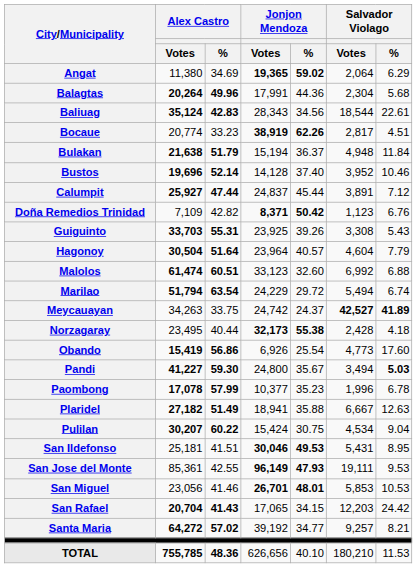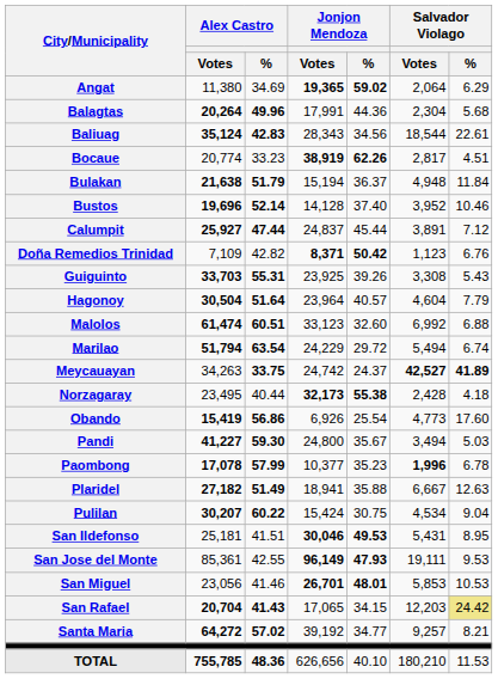 <table class="wikitable collapsible collapsed" style="text-align:right; font-size:95%; line-height:20px;">
 <tr>
 <th rowspan="3" width="200"><a href='#'>City</a>/<a href='#'>Municipality</a></th>
 <th colspan="2" width="110"><a href='#'>Alex Castro</a></th>
 <th colspan="2" width="110"><a href='#'>Jonjon Mendoza</a></th>
 <th colspan="2" width="110">Salvador Violago</th>
 </tr>
 <tr>
 <th colspan="2" style="background:"></th>
 <th colspan="2" style="background:"></th>
 <th colspan="2" style="background:"></th>
 </tr>
 <tr>
 <th>Votes</th>
 <th>%</th>
 <th>Votes</th>
 <th>%</th>
 <th>Votes</th>
 <th>%</th>
 </tr>
 <tr>
 <th scope="row"><a href='#'>Angat</a></th>
 <td>11,380</td>
 <td>34.69</td>
 <td style="background:"><strong>19,365</strong></td>
 <td style="background:"><strong>59.02</strong></td>
 <td>2,064</td>
 <td>6.29</td>
 </tr>
 <tr>
 <th scope="row"><a href='#'>Balagtas</a></th>
 <td style="background:"><strong>20,264</strong></td>
 <td style="background:"><strong>49.96</strong></td>
 <td>17,991</td>
 <td>44.36</td>
 <td>2,304</td>
 <td>5.68</td>
 </tr>
 <tr>
 <th scope="row"><a href='#'>Baliuag</a></th>
 <td style="background:"><strong>35,124</strong></td>
 <td style="background:"><strong>42.83</strong></td>
 <td>28,343</td>
 <td>34.56</td>
 <td>18,544</td>
 <td>22.61</td>
 </tr>
 <tr>
 <th scope="row"><a href='#'>Bocaue</a></th>
 <td>20,774</td>
 <td>33.23</td>
 <td style="background:"><strong>38,919</strong></td>
 <td style="background:"><strong>62.26</strong></td>
 <td>2,817</td>
 <td>4.51</td>
 </tr>
 <tr>
 <th scope="row"><a href='#'>Bulakan</a></th>
 <td style="background:"><strong>21,638</strong></td>
 <td style="background:"><strong>51.79</strong></td>
 <td>15,194</td>
 <td>36.37</td>
 <td>4,948</td>
 <td>11.84</td>
 </tr>
 <tr>
 <th scope="row"><a href='#'>Bustos</a></th>
 <td style="background:"><strong>19,696</strong></td>
 <td style="background:"><strong>52.14</strong></td>
 <td>14,128</td>
 <td>37.40</td>
 <td>3,952</td>
 <td>10.46</td>
 </tr>
 <tr>
 <th scope="row"><a href='#'>Calumpit</a></th>
 <td style="background:"><strong>25,927</strong></td>
 <td style="background:"><strong>47.44</strong></td>
 <td>24,837</td>
 <td>45.44</td>
 <td>3,891</td>
 <td>7.12</td>
 </tr>
 <tr>
 <th scope="row"><a href='#'>Doña Remedios Trinidad</a></th>
 <td>7,109</td>
 <td>42.82</td>
 <td style="background:"><strong>8,371</strong></td>
 <td style="background:"><strong>50.42</strong></td>
 <td>1,123</td>
 <td>6.76</td>
 </tr>
 <tr>
 <th scope="row"><a href='#'>Guiguinto</a></th>
 <td style="background:"><strong>33,703</strong></td>
 <td style="background:"><strong>55.31</strong></td>
 <td>23,925</td>
 <td>39.26</td>
 <td>3,308</td>
 <td>5.43</td>
 </tr>
 <tr>
 <th scope="row"><a href='#'>Hagonoy</a></th>
 <td style="background:"><strong>30,504</strong></td>
 <td style="background:"><strong>51.64</strong></td>
 <td>23,964</td>
 <td>40.57</td>
 <td>4,604</td>
 <td>7.79</td>
 </tr>
 <tr>
 <th scope="row"><a href='#'>Malolos</a></th>
 <td style="background:"><strong>61,474</strong></td>
 <td style="background:"><strong>60.51</strong></td>
 <td>33,123</td>
 <td>32.60</td>
 <td>6,992</td>
 <td>6.88</td>
 </tr>
 <tr>
 <th scope="row"><a href='#'>Marilao</a></th>
 <td style="background:"><strong>51,794</strong></td>
 <td style="background:"><strong>63.54</strong></td>
 <td>24,229</td>
 <td>29.72</td>
 <td>5,494</td>
 <td>6.74</td>
 </tr>
 <tr>
 <th scope="row"><a href='#'>Meycauayan</a></th>
 <td>34,263</td>
-<td>33.75</td>
+<td><strong>33.75</strong></td>
 <td>24,742</td>
 <td>24.37</td>
 <td style="background:"><strong>42,527</strong></td>
 <td style="background:"><strong>41.89</strong></td>
 </tr>
 <tr>
 <th scope="row"><a href='#'>Norzagaray</a></th>
 <td>23,495</td>
 <td>40.44</td>
 <td style="background:"><strong>32,173</strong></td>
 <td style="background:"><strong>55.38</strong></td>
 <td>2,428</td>
 <td>4.18</td>
 </tr>
 <tr>
 <th scope="row"><a href='#'>Obando</a></th>
 <td style="background:"><strong>15,419</strong></td>
 <td style="background:"><strong>56.86</strong></td>
 <td>6,926</td>
 <td>25.54</td>
 <td>4,773</td>
 <td>17.60</td>
 </tr>
 <tr>
 <th scope="row"><a href='#'>Pandi</a></th>
 <td style="background:"><strong>41,227</strong></td>
 <td style="background:"><strong>59.30</strong></td>
 <td>24,800</td>
 <td>35.67</td>
 <td>3,494</td>
-<td><strong>5.03</strong></td>
+<td>5.03</td>
 </tr>
 <tr>
 <th scope="row"><a href='#'>Paombong</a></th>
 <td style="background:"><strong>17,078</strong></td>
 <td style="background:"><strong>57.99</strong></td>
 <td>10,377</td>
 <td>35.23</td>
-<td>1,996</td>
+<td><strong>1,996</strong></td>
 <td>6.78</td>
 </tr>
 <tr>
 <th scope="row"><a href='#'>Plaridel</a></th>
 <td style="background:"><strong>27,182</strong></td>
 <td style="background:"><strong>51.49</strong></td>
 <td>18,941</td>
 <td>35.88</td>
 <td>6,667</td>
 <td>12.63</td>
 </tr>
 <tr>
 <th scope="row"><a href='#'>Pulilan</a></th>
 <td style="background:"><strong>30,207</strong></td>
 <td style="background:"><strong>60.22</strong></td>
 <td>15,424</td>
 <td>30.75</td>
 <td>4,534</td>
 <td>9.04</td>
 </tr>
 <tr>
 <th scope="row"><a href='#'>San Ildefonso</a></th>
 <td>25,181</td>
 <td>41.51</td>
 <td style="background:"><strong>30,046</strong></td>
 <td style="background:"><strong>49.53</strong></td>
 <td>5,431</td>
 <td>8.95</td>
 </tr>
 <tr>
 <th scope="row"><a href='#'>San Jose del Monte</a></th>
 <td>85,361</td>
 <td>42.55</td>
 <td style="background:"><strong>96,149</strong></td>
 <td style="background:"><strong>47.93</strong></td>
 <td>19,111</td>
 <td>9.53</td>
 </tr>
 <tr>
 <th scope="row"><a href='#'>San Miguel</a></th>
 <td>23,056</td>
 <td>41.46</td>
 <td style="background:"><strong>26,701</strong></td>
 <td style="background:"><strong>48.01</strong></td>
 <td>5,853</td>
 <td>10.53</td>
 </tr>
 <tr>
 <th scope="row"><a href='#'>San Rafael</a></th>
 <td style="background:"><strong>20,704</strong></td>
 <td style="background:"><strong>41.43</strong></td>
 <td>17,065</td>
 <td>34.15</td>
 <td>12,203</td>
-<td>24.42</td>
+<td style="background: khaki;">24.42</td>
 </tr>
 <tr>
 <th scope="row"><a href='#'>Santa Maria</a></th>
 <td style="background:"><strong>64,272</strong></td>
 <td style="background:"><strong>57.02</strong></td>
 <td>39,192</td>
 <td>34.77</td>
 <td>9,257</td>
 <td>8.21</td>
 </tr>
 <tr>
 <td colspan=7 bgcolor=black></td>
 </tr>
 <tr>
 <td style="background:#E9E9E9;" align="center"><strong>TOTAL</strong></td>
 <td style="background:"><strong>755,785</strong></td>
 <td style="background:"><strong>48.36</strong></td>
 <td>626,656</td>
 <td>40.10</td>
 <td>180,210</td>
 <td>11.53</td>
 </tr>
 </table>
